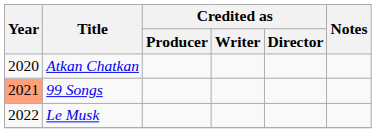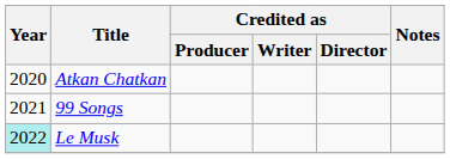 <table class="wikitable sortable">
 <tr>
 <th rowspan="2">Year</th>
 <th rowspan="2">Title</th>
 <th colspan="3">Credited as</th>
 <th rowspan="2" class="unsortable">Notes</th>
 </tr>
 <tr>
 <th>Producer</th>
 <th>Writer</th>
 <th>Director</th>
 </tr>
 <tr>
 <td>2020</td>
 <td><em><a href='#'>Atkan Chatkan</a></em></td>
 <td></td>
 <td></td>
 <td></td>
 <td></td>
 </tr>
 <tr>
-<td style="background: lightsalmon;">2021</td>
+<td>2021</td>
 <td><em><a href='#'>99 Songs</a></em></td>
 <td></td>
 <td></td>
 <td></td>
 <td></td>
 </tr>
 <tr>
-<td>2022</td>
+<td style="background: paleturquoise;">2022</td>
 <td><em><a href='#'>Le Musk</a></em></td>
 <td></td>
 <td></td>
 <td></td>
 <td></td>
 </tr>
 <tr>
 </tr>
 </table>
